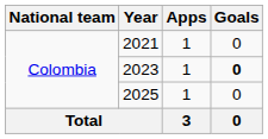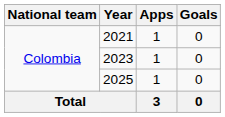 <table class="wikitable" style="text-align:center">
 <tr>
 <th>National team</th>
 <th>Year</th>
 <th>Apps</th>
 <th>Goals</th>
 </tr>
 <tr>
 <td rowspan="3"><a href='#'>Colombia</a></td>
 <td>2021</td>
 <td>1</td>
 <td>0</td>
 </tr>
 <tr>
 <td>2023</td>
 <td>1</td>
-<td><strong>0</strong></td>
+<td>0</td>
 </tr>
 <tr>
 <td>2025</td>
 <td>1</td>
 <td>0</td>
 </tr>
 <tr>
 <th colspan="2">Total</th>
 <th>3</th>
 <th>0</th>
 </tr>
 </table>
